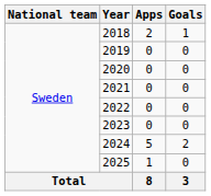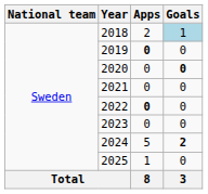 <table class="wikitable" style="text-align:center">
 <tr>
 <th>National team</th>
 <th>Year</th>
 <th>Apps</th>
 <th>Goals</th>
 </tr>
 <tr>
 <td rowspan="8"><a href='#'>Sweden</a></td>
 <td>2018</td>
 <td>2</td>
-<td>1</td>
+<td style="background: lightblue;">1</td>
 </tr>
 <tr>
 <td>2019</td>
-<td>0</td>
+<td><strong>0</strong></td>
 <td>0</td>
 </tr>
 <tr>
 <td>2020</td>
 <td>0</td>
-<td>0</td>
+<td><strong>0</strong></td>
 </tr>
 <tr>
 <td>2021</td>
 <td>0</td>
 <td>0</td>
 </tr>
 <tr>
 <td>2022</td>
-<td>0</td>
+<td><strong>0</strong></td>
 <td>0</td>
 </tr>
 <tr>
 <td>2023</td>
 <td>0</td>
 <td>0</td>
 </tr>
 <tr>
 <td>2024</td>
 <td>5</td>
-<td>2</td>
+<td><strong>2</strong></td>
 </tr>
 <tr>
 <td>2025</td>
 <td>1</td>
 <td>0</td>
 </tr>
 <tr>
 <th colspan="2">Total</th>
 <th>8</th>
 <th>3</th>
 </tr>
 </table>
